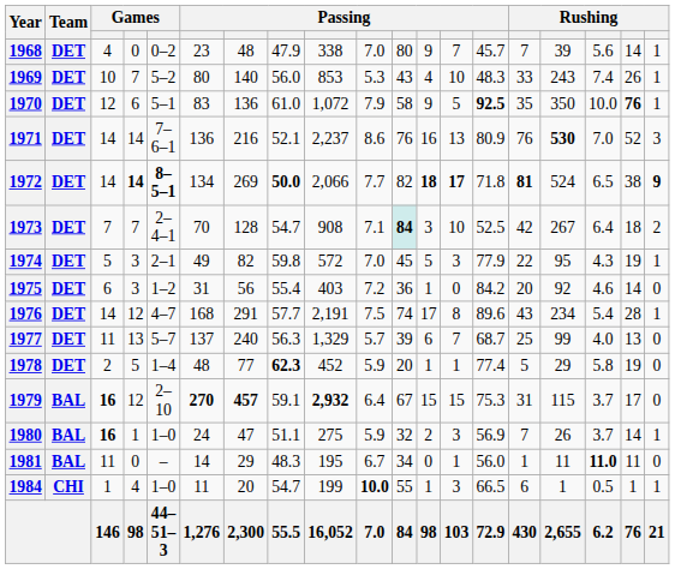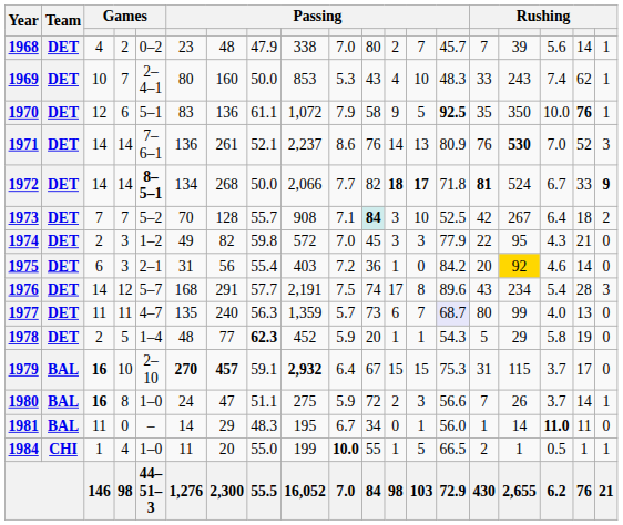 <table class="wikitable" style="text-align:center;">
 <tr>
 <th rowspan="2">Year</th>
 <th rowspan="2">Team</th>
 <th colspan="3">Games</th>
 <th colspan="9">Passing</th>
 <th colspan="5">Rushing</th>
 </tr>
 <tr>
 <th></th>
 <th></th>
 <th></th>
 <th></th>
 <th></th>
 <th></th>
 <th></th>
 <th></th>
 <th></th>
 <th></th>
 <th></th>
 <th></th>
 <th></th>
 <th></th>
 <th></th>
 <th></th>
 <th></th>
 </tr>
 <tr>
 <th><a href='#'>1968</a></th>
 <th><a href='#'>DET</a></th>
 <td>4</td>
-<td>0</td>
+<td>2</td>
 <td>0–2</td>
 <td>23</td>
 <td>48</td>
 <td>47.9</td>
 <td>338</td>
 <td>7.0</td>
 <td>80</td>
-<td>9</td>
+<td>2</td>
 <td>7</td>
 <td>45.7</td>
 <td>7</td>
 <td>39</td>
 <td>5.6</td>
 <td>14</td>
 <td>1</td>
 </tr>
 <tr>
 <th><a href='#'>1969</a></th>
 <th><a href='#'>DET</a></th>
 <td>10</td>
 <td>7</td>
-<td>5–2</td>
+<td>2–4–1</td>
 <td>80</td>
-<td>140</td>
-<td>56.0</td>
+<td>160</td>
+<td>50.0</td>
 <td>853</td>
 <td>5.3</td>
 <td>43</td>
 <td>4</td>
 <td>10</td>
 <td>48.3</td>
 <td>33</td>
 <td>243</td>
 <td>7.4</td>
-<td>26</td>
+<td>62</td>
 <td>1</td>
 </tr>
 <tr>
 <th><a href='#'>1970</a></th>
 <th><a href='#'>DET</a></th>
 <td>12</td>
 <td>6</td>
 <td>5–1</td>
 <td>83</td>
 <td>136</td>
-<td>61.0</td>
+<td>61.1</td>
 <td>1,072</td>
 <td>7.9</td>
 <td>58</td>
 <td>9</td>
 <td>5</td>
 <td><strong>92.5</strong></td>
 <td>35</td>
 <td>350</td>
 <td>10.0</td>
 <td><strong>76</strong></td>
 <td>1</td>
 </tr>
 <tr>
 <th><a href='#'>1971</a></th>
 <th><a href='#'>DET</a></th>
 <td>14</td>
 <td>14</td>
 <td>7–6–1</td>
 <td>136</td>
-<td>216</td>
+<td>261</td>
 <td>52.1</td>
 <td>2,237</td>
 <td>8.6</td>
 <td>76</td>
-<td>16</td>
+<td>14</td>
 <td>13</td>
 <td>80.9</td>
 <td>76</td>
 <td><strong>530</strong></td>
 <td>7.0</td>
 <td>52</td>
 <td>3</td>
 </tr>
 <tr>
 <th><a href='#'>1972</a></th>
 <th><a href='#'>DET</a></th>
 <td>14</td>
-<td><strong>14</strong></td>
+<td>14</td>
 <td><strong>8–5–1</strong></td>
 <td>134</td>
-<td>269</td>
-<td><strong>50.0</strong></td>
+<td>268</td>
+<td>50.0</td>
 <td>2,066</td>
 <td>7.7</td>
 <td>82</td>
 <td><strong>18</strong></td>
 <td><strong>17</strong></td>
 <td>71.8</td>
 <td><strong>81</strong></td>
 <td>524</td>
-<td>6.5</td>
-<td>38</td>
+<td>6.7</td>
+<td>33</td>
 <td><strong>9</strong></td>
 </tr>
 <tr>
 <th><a href='#'>1973</a></th>
 <th><a href='#'>DET</a></th>
 <td>7</td>
 <td>7</td>
-<td>2–4–1</td>
+<td>5–2</td>
 <td>70</td>
 <td>128</td>
-<td>54.7</td>
+<td>55.7</td>
 <td>908</td>
 <td>7.1</td>
 <td style="background:#cfecec;:"><strong>84</strong></td>
 <td>3</td>
 <td>10</td>
 <td>52.5</td>
 <td>42</td>
 <td>267</td>
 <td>6.4</td>
 <td>18</td>
 <td>2</td>
 </tr>
 <tr>
 <th><a href='#'>1974</a></th>
 <th><a href='#'>DET</a></th>
-<td>5</td>
+<td>2</td>
 <td>3</td>
-<td>2–1</td>
+<td>1–2</td>
 <td>49</td>
 <td>82</td>
 <td>59.8</td>
 <td>572</td>
 <td>7.0</td>
 <td>45</td>
-<td>5</td>
+<td>3</td>
 <td>3</td>
 <td>77.9</td>
 <td>22</td>
 <td>95</td>
 <td>4.3</td>
-<td>19</td>
-<td>1</td>
+<td>21</td>
+<td>0</td>
 </tr>
 <tr>
 <th><a href='#'>1975</a></th>
 <th><a href='#'>DET</a></th>
 <td>6</td>
 <td>3</td>
-<td>1–2</td>
+<td>2–1</td>
 <td>31</td>
 <td>56</td>
 <td>55.4</td>
 <td>403</td>
 <td>7.2</td>
 <td>36</td>
 <td>1</td>
 <td>0</td>
 <td>84.2</td>
 <td>20</td>
-<td>92</td>
+<td style="background: gold;">92</td>
 <td>4.6</td>
 <td>14</td>
 <td>0</td>
 </tr>
 <tr>
 <th><a href='#'>1976</a></th>
 <th><a href='#'>DET</a></th>
 <td>14</td>
 <td>12</td>
-<td>4–7</td>
+<td>5–7</td>
 <td>168</td>
 <td>291</td>
 <td>57.7</td>
 <td>2,191</td>
 <td>7.5</td>
 <td>74</td>
 <td>17</td>
 <td>8</td>
 <td>89.6</td>
 <td>43</td>
 <td>234</td>
 <td>5.4</td>
 <td>28</td>
-<td>1</td>
+<td>3</td>
 </tr>
 <tr>
 <th><a href='#'>1977</a></th>
 <th><a href='#'>DET</a></th>
 <td>11</td>
-<td>13</td>
-<td>5–7</td>
-<td>137</td>
+<td>11</td>
+<td>4–7</td>
+<td>135</td>
 <td>240</td>
 <td>56.3</td>
-<td>1,329</td>
+<td>1,359</td>
 <td>5.7</td>
-<td>39</td>
+<td>73</td>
 <td>6</td>
 <td>7</td>
-<td>68.7</td>
-<td>25</td>
+<td style="background: lavender;">68.7</td>
+<td>80</td>
 <td>99</td>
 <td>4.0</td>
 <td>13</td>
 <td>0</td>
 </tr>
 <tr>
 <th><a href='#'>1978</a></th>
 <th><a href='#'>DET</a></th>
 <td>2</td>
 <td>5</td>
 <td>1–4</td>
 <td>48</td>
 <td>77</td>
 <td><strong>62.3</strong></td>
 <td>452</td>
 <td>5.9</td>
 <td>20</td>
 <td>1</td>
 <td>1</td>
-<td>77.4</td>
+<td>54.3</td>
 <td>5</td>
 <td>29</td>
 <td>5.8</td>
 <td>19</td>
 <td>0</td>
 </tr>
 <tr>
 <th><a href='#'>1979</a></th>
 <th><a href='#'>BAL</a></th>
 <td><strong>16</strong></td>
-<td>12</td>
+<td>10</td>
 <td>2–10</td>
 <td><strong>270</strong></td>
 <td><strong>457</strong></td>
 <td>59.1</td>
 <td><strong>2,932</strong></td>
 <td>6.4</td>
 <td>67</td>
 <td>15</td>
 <td>15</td>
 <td>75.3</td>
 <td>31</td>
 <td>115</td>
 <td>3.7</td>
 <td>17</td>
 <td>0</td>
 </tr>
 <tr>
 <th><a href='#'>1980</a></th>
 <th><a href='#'>BAL</a></th>
 <td><strong>16</strong></td>
-<td>1</td>
+<td>8</td>
 <td>1–0</td>
 <td>24</td>
 <td>47</td>
 <td>51.1</td>
 <td>275</td>
 <td>5.9</td>
-<td>32</td>
+<td>72</td>
 <td>2</td>
 <td>3</td>
-<td>56.9</td>
+<td>56.6</td>
 <td>7</td>
 <td>26</td>
 <td>3.7</td>
 <td>14</td>
 <td>1</td>
 </tr>
 <tr>
 <th><a href='#'>1981</a></th>
 <th><a href='#'>BAL</a></th>
 <td>11</td>
 <td>0</td>
 <td>–</td>
 <td>14</td>
 <td>29</td>
 <td>48.3</td>
 <td>195</td>
 <td>6.7</td>
 <td>34</td>
 <td>0</td>
 <td>1</td>
 <td>56.0</td>
 <td>1</td>
-<td>11</td>
+<td>14</td>
 <td><strong>11.0</strong></td>
 <td>11</td>
 <td>0</td>
 </tr>
 <tr>
 <th><a href='#'>1984</a></th>
 <th><a href='#'>CHI</a></th>
 <td>1</td>
 <td>4</td>
 <td>1–0</td>
 <td>11</td>
 <td>20</td>
-<td>54.7</td>
+<td>55.0</td>
 <td>199</td>
 <td><strong>10.0</strong></td>
 <td>55</td>
 <td>1</td>
-<td>3</td>
+<td>5</td>
 <td>66.5</td>
-<td>6</td>
+<td>2</td>
 <td>1</td>
 <td>0.5</td>
 <td>1</td>
 <td>1</td>
 </tr>
 <tr>
 <th colspan="2"></th>
 <th>146</th>
 <th>98</th>
 <th>44–51–3</th>
 <th>1,276</th>
 <th>2,300</th>
 <th>55.5</th>
 <th>16,052</th>
 <th>7.0</th>
 <th>84</th>
 <th>98</th>
 <th>103</th>
 <th>72.9</th>
 <th>430</th>
 <th>2,655</th>
 <th>6.2</th>
 <th>76</th>
 <th>21</th>
 </tr>
 </table>
